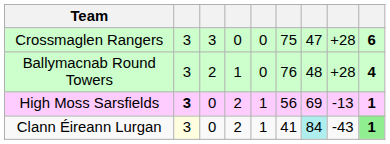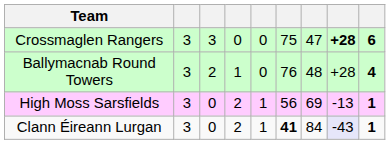 <table class="wikitable" style="text-align:center">
 <tr>
 <th style="width:175px;">Team</th>
 <th width="20"></th>
 <th width="20"></th>
 <th width="20"></th>
 <th width="20"></th>
 <th width="20"></th>
 <th width="20"></th>
 <th width="20"></th>
 <th width="20"></th>
 </tr>
 <tr style="background:#cfc;">
 <td>Crossmaglen Rangers</td>
 <td>3</td>
 <td>3</td>
 <td>0</td>
 <td>0</td>
 <td>75</td>
 <td>47</td>
-<td>+28</td>
+<td><strong>+28</strong></td>
 <td><strong>6</strong></td>
 </tr>
 <tr style="background:#cfc;">
 <td>Ballymacnab Round Towers</td>
 <td>3</td>
 <td>2</td>
 <td>1</td>
 <td>0</td>
 <td>76</td>
 <td>48</td>
 <td>+28</td>
 <td><strong>4</strong></td>
 </tr>
 <tr style="background:#fcf;">
 <td>High Moss Sarsfields</td>
-<td><strong>3</strong></td>
+<td>3</td>
 <td>0</td>
 <td>2</td>
 <td>1</td>
 <td>56</td>
 <td>69</td>
 <td>-13</td>
 <td><strong>1</strong></td>
 </tr>
 <tr>
 <td>Clann Éireann Lurgan</td>
-<td style="background: lightyellow;">3</td>
+<td>3</td>
 <td>0</td>
 <td>2</td>
 <td>1</td>
-<td>41</td>
-<td style="background: paleturquoise;">84</td>
-<td>-43</td>
-<td style="background: lightgreen;"><strong>1</strong></td>
+<td><strong>41</strong></td>
+<td>84</td>
+<td style="background: lavender;">-43</td>
+<td><strong>1</strong></td>
 </tr>
 </table>
